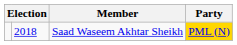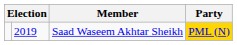 <table class="wikitable">
 <tr>
 <th colspan="2">Election</th>
 <th>Member</th>
 <th>Party</th>
 </tr>
 <tr>
 <td style="background-color: "></td>
-<td><a href='#'>2018</a></td>
+<td><a href='#'>2019</a></td>
 <td><a href='#'>Saad Waseem Akhtar Sheikh</a></td>
 <td style="background: gold;"><a href='#'>PML (N)</a></td>
 </tr>
 </table>
